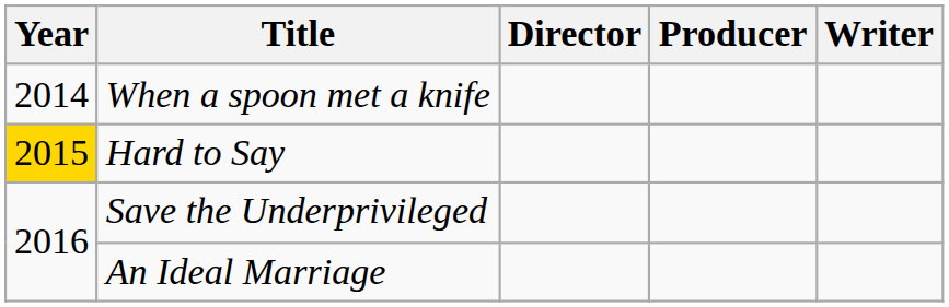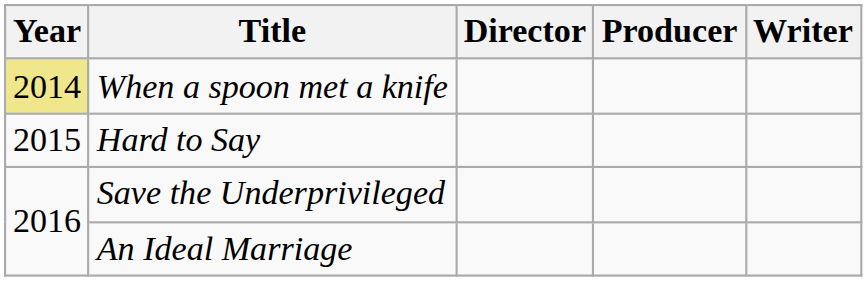 <table class="wikitable">
 <tr>
 <th>Year</th>
 <th>Title</th>
 <th>Director</th>
 <th>Producer</th>
 <th>Writer</th>
 </tr>
 <tr>
-<td>2014</td>
+<td style="background: khaki;">2014</td>
 <td><em>When a spoon met a knife</em></td>
 <td></td>
 <td></td>
 <td></td>
 </tr>
 <tr>
-<td style="background: gold;">2015</td>
+<td>2015</td>
 <td><em>Hard to Say</em></td>
 <td></td>
 <td></td>
 <td></td>
 </tr>
 <tr>
 <td rowspan="2">2016</td>
 <td><em>Save the Underprivileged</em></td>
 <td></td>
 <td></td>
 <td></td>
 </tr>
 <tr>
 <td><em>An Ideal Marriage</em></td>
 <td></td>
 <td></td>
 <td></td>
 </tr>
 </table>
